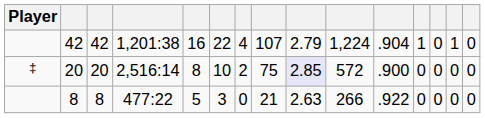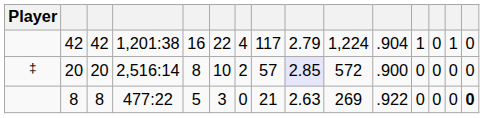 <table class="wikitable sortable" style="text-align:center;">
 <tr>
 <th>Player</th>
 <th></th>
 <th></th>
 <th></th>
 <th></th>
 <th></th>
 <th></th>
 <th></th>
 <th></th>
 <th></th>
 <th></th>
 <th></th>
 <th></th>
 <th></th>
 <th></th>
 </tr>
 <tr>
 <td></td>
 <td>42</td>
 <td>42</td>
 <td>1,201:38</td>
 <td>16</td>
 <td>22</td>
 <td>4</td>
-<td>107</td>
+<td>117</td>
 <td>2.79</td>
 <td>1,224</td>
 <td>.904</td>
 <td>1</td>
 <td>0</td>
 <td>1</td>
 <td>0</td>
 </tr>
 <tr>
 <td><sup>‡</sup></td>
 <td>20</td>
 <td>20</td>
 <td>2,516:14</td>
 <td>8</td>
 <td>10</td>
 <td>2</td>
-<td>75</td>
+<td>57</td>
 <td style="background: lavender;">2.85</td>
 <td>572</td>
 <td>.900</td>
 <td>0</td>
 <td>0</td>
 <td>0</td>
 <td>0</td>
 </tr>
 <tr>
 <td></td>
 <td>8</td>
 <td>8</td>
 <td>477:22</td>
 <td>5</td>
 <td>3</td>
 <td>0</td>
 <td>21</td>
 <td>2.63</td>
-<td>266</td>
+<td>269</td>
 <td>.922</td>
 <td>0</td>
 <td>0</td>
 <td>0</td>
-<td>0</td>
+<td><strong>0</strong></td>
 </tr>
 </table>
